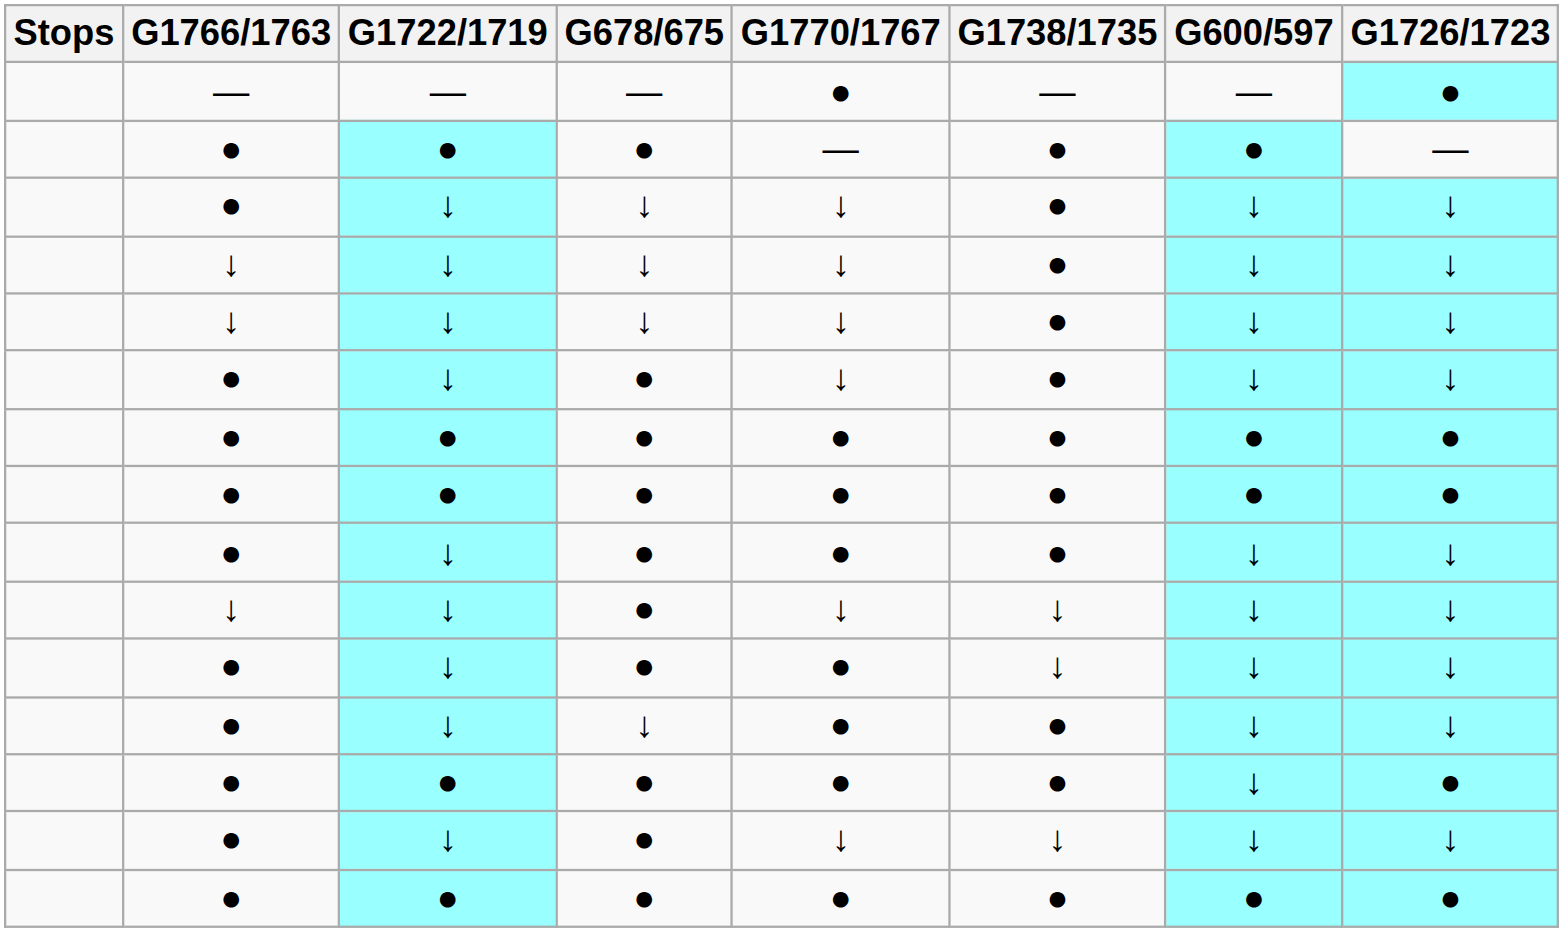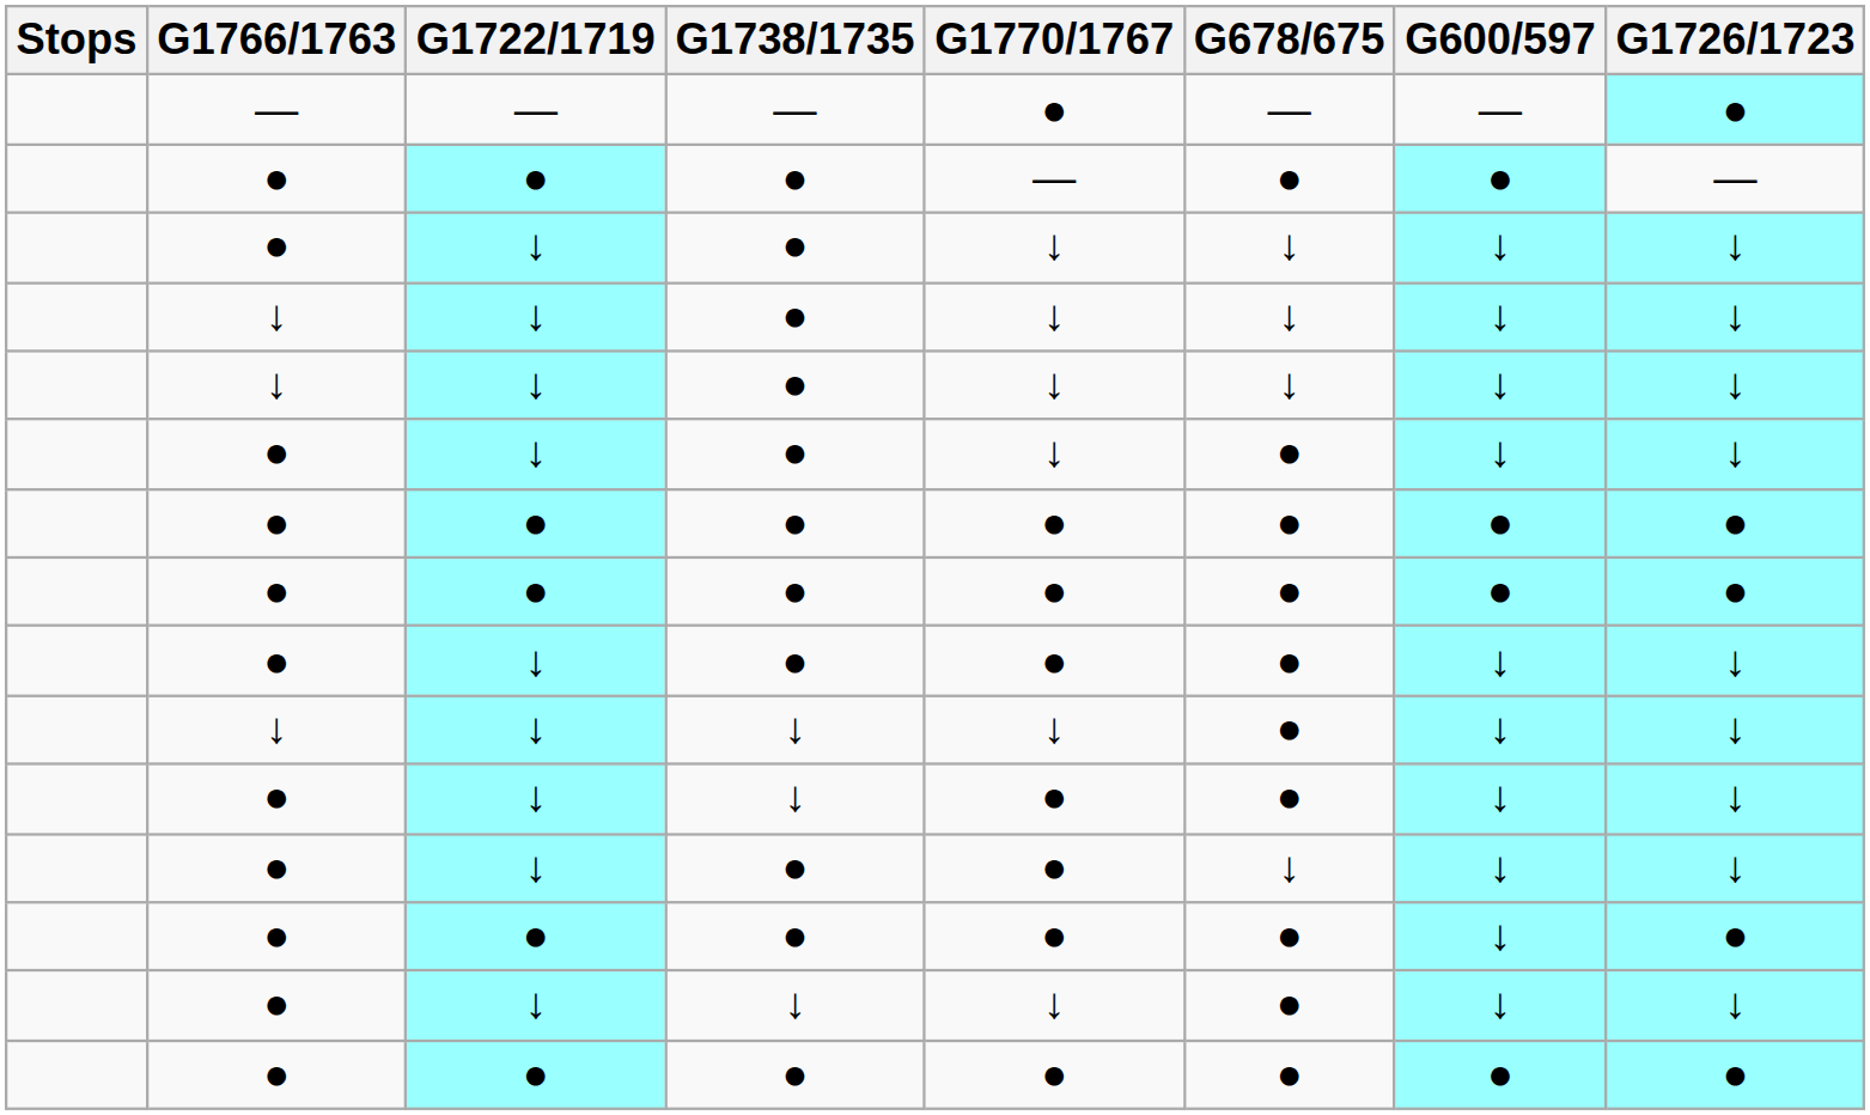 <table class="wikitable" style="text-align: center">
 <tr>
 <th>Stops</th>
 <th>G1766/1763</th>
 <th>G1722/1719</th>
+<th>G1738/1735</th>
+<th>G1770/1767</th>
 <th>G678/675</th>
-<th>G1770/1767</th>
-<th>G1738/1735</th>
 <th>G600/597</th>
 <th>G1726/1723</th>
 </tr>
 <tr>
 <td><strong></strong></td>
 <td>—</td>
 <td>—</td>
 <td>—</td>
 <td>●</td>
 <td>—</td>
 <td>—</td>
 <td style="background:#99FFFF">●</td>
 </tr>
 <tr>
 <td><strong></strong></td>
 <td>●</td>
 <td style="background:#99FFFF">●</td>
 <td>●</td>
 <td>—</td>
 <td>●</td>
 <td style="background:#99FFFF">●</td>
 <td>—</td>
 </tr>
 <tr>
 <td></td>
 <td>●</td>
 <td style="background:#99FFFF">↓</td>
+<td>●</td>
 <td>↓</td>
 <td>↓</td>
-<td>●</td>
 <td style="background:#99FFFF">↓</td>
 <td style="background:#99FFFF">↓</td>
 </tr>
 <tr>
 <td></td>
 <td>↓</td>
 <td style="background:#99FFFF">↓</td>
+<td>●</td>
 <td>↓</td>
 <td>↓</td>
-<td>●</td>
 <td style="background:#99FFFF">↓</td>
 <td style="background:#99FFFF">↓</td>
 </tr>
 <tr>
 <td></td>
 <td>↓</td>
 <td style="background:#99FFFF">↓</td>
+<td>●</td>
 <td>↓</td>
 <td>↓</td>
-<td>●</td>
 <td style="background:#99FFFF">↓</td>
 <td style="background:#99FFFF">↓</td>
 </tr>
 <tr>
 <td></td>
 <td>●</td>
 <td style="background:#99FFFF">↓</td>
 <td>●</td>
 <td>↓</td>
 <td>●</td>
 <td style="background:#99FFFF">↓</td>
 <td style="background:#99FFFF">↓</td>
 </tr>
 <tr>
 <td><strong></strong></td>
 <td>●</td>
 <td style="background:#99FFFF">●</td>
 <td>●</td>
 <td>●</td>
 <td>●</td>
 <td style="background:#99FFFF">●</td>
 <td style="background:#99FFFF">●</td>
 </tr>
 <tr>
 <td><strong></strong></td>
 <td>●</td>
 <td style="background:#99FFFF">●</td>
 <td>●</td>
 <td>●</td>
 <td>●</td>
 <td style="background:#99FFFF">●</td>
 <td style="background:#99FFFF">●</td>
 </tr>
 <tr>
 <td></td>
 <td>●</td>
 <td style="background:#99FFFF">↓</td>
 <td>●</td>
 <td>●</td>
 <td>●</td>
 <td style="background:#99FFFF">↓</td>
 <td style="background:#99FFFF">↓</td>
 </tr>
 <tr>
 <td></td>
 <td>↓</td>
 <td style="background:#99FFFF">↓</td>
-<td>●</td>
 <td>↓</td>
 <td>↓</td>
+<td>●</td>
+<td style="background:#99FFFF">↓</td>
+<td style="background:#99FFFF">↓</td>
+</tr>
+<tr>
+<td></td>
+<td>●</td>
+<td style="background:#99FFFF">↓</td>
+<td>↓</td>
+<td>●</td>
+<td>●</td>
 <td style="background:#99FFFF">↓</td>
 <td style="background:#99FFFF">↓</td>
 </tr>
 <tr>
 <td></td>
 <td>●</td>
 <td style="background:#99FFFF">↓</td>
 <td>●</td>
 <td>●</td>
 <td>↓</td>
-<td style="background:#99FFFF">↓</td>
-<td style="background:#99FFFF">↓</td>
-</tr>
-<tr>
-<td></td>
-<td>●</td>
-<td style="background:#99FFFF">↓</td>
-<td>↓</td>
-<td>●</td>
-<td>●</td>
 <td style="background:#99FFFF">↓</td>
 <td style="background:#99FFFF">↓</td>
 </tr>
 <tr>
 <td></td>
 <td>●</td>
 <td style="background:#99FFFF">●</td>
 <td>●</td>
 <td>●</td>
 <td>●</td>
 <td style="background:#99FFFF">↓</td>
 <td style="background:#99FFFF">●</td>
 </tr>
 <tr>
 <td></td>
 <td>●</td>
 <td style="background:#99FFFF">↓</td>
-<td>●</td>
 <td>↓</td>
 <td>↓</td>
+<td>●</td>
 <td style="background:#99FFFF">↓</td>
 <td style="background:#99FFFF">↓</td>
 </tr>
 <tr>
 <td><strong></strong></td>
 <td>●</td>
 <td style="background:#99FFFF">●</td>
 <td>●</td>
 <td>●</td>
 <td>●</td>
 <td style="background:#99FFFF">●</td>
 <td style="background:#99FFFF">●</td>
 </tr>
 </table>
